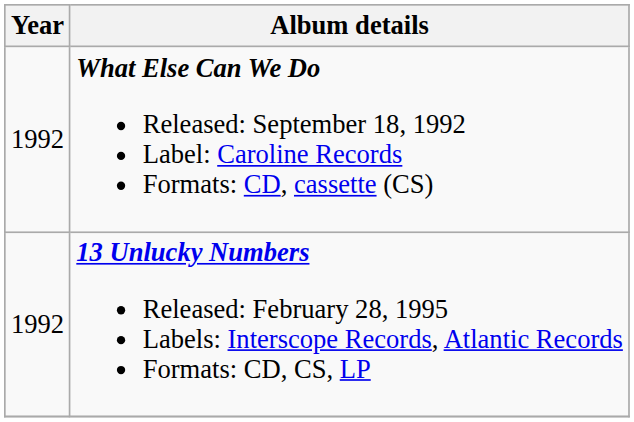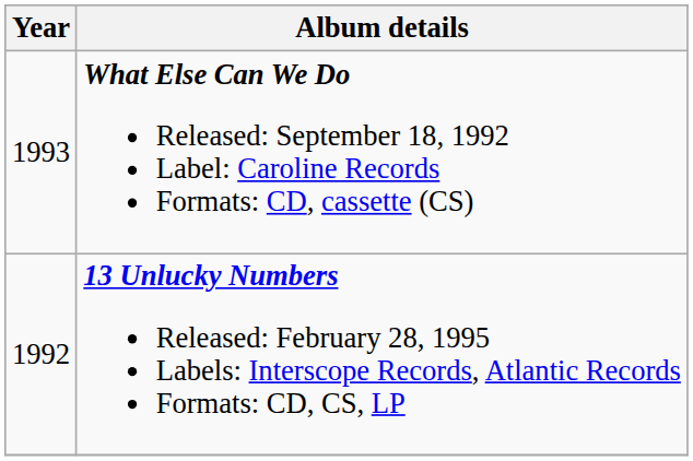 <table class="wikitable">
 <tr>
 <th rowspan="1">Year</th>
 <th rowspan="1">Album details</th>
 </tr>
 <tr>
-<td>1992</td>
+<td>1993</td>
 <td><strong><em>What Else Can We Do</em></strong><br><ul><li>Released: September 18, 1992</li><li>Label: <a href='#'>Caroline Records</a></li><li>Formats: <a href='#'>CD</a>, <a href='#'>cassette</a> (CS)</li></ul></td>
 </tr>
 <tr>
 <td>1992</td>
 <td><strong><em><a href='#'>13 Unlucky Numbers</a></em></strong><br><ul><li>Released: February 28, 1995</li><li>Labels: <a href='#'>Interscope Records</a>, <a href='#'>Atlantic Records</a></li><li>Formats: CD, CS, <a href='#'>LP</a></li></ul></td>
 </tr>
 <tr>
 </tr>
 </table>
